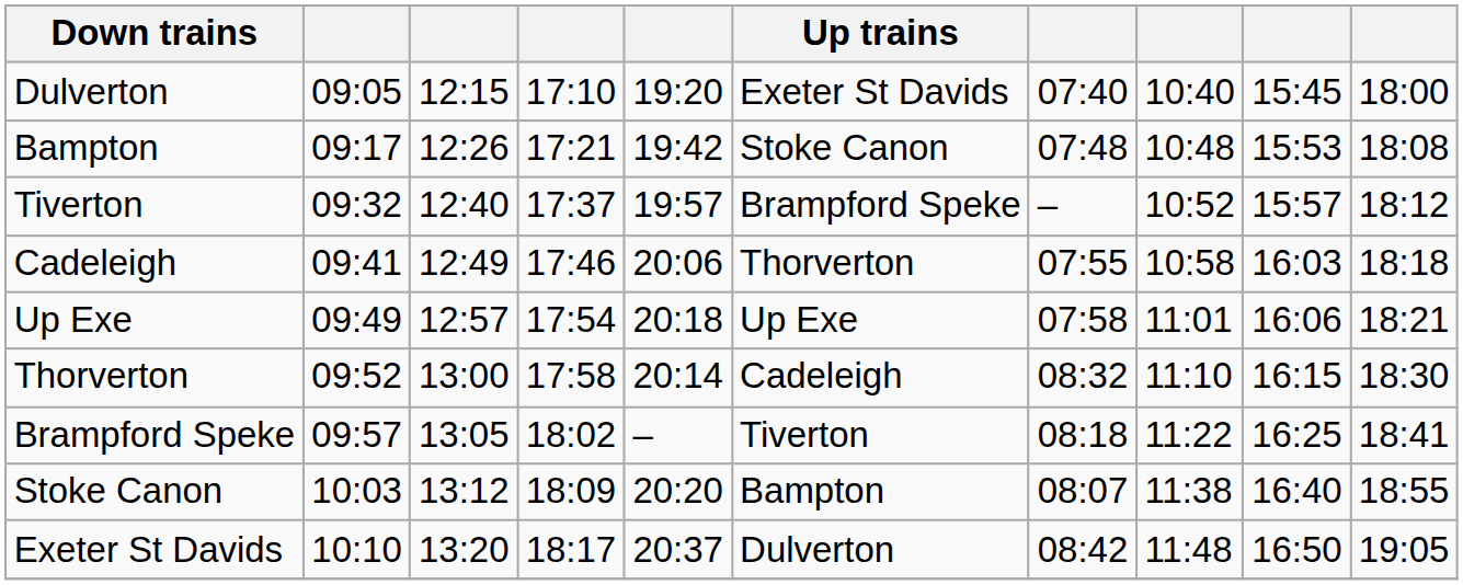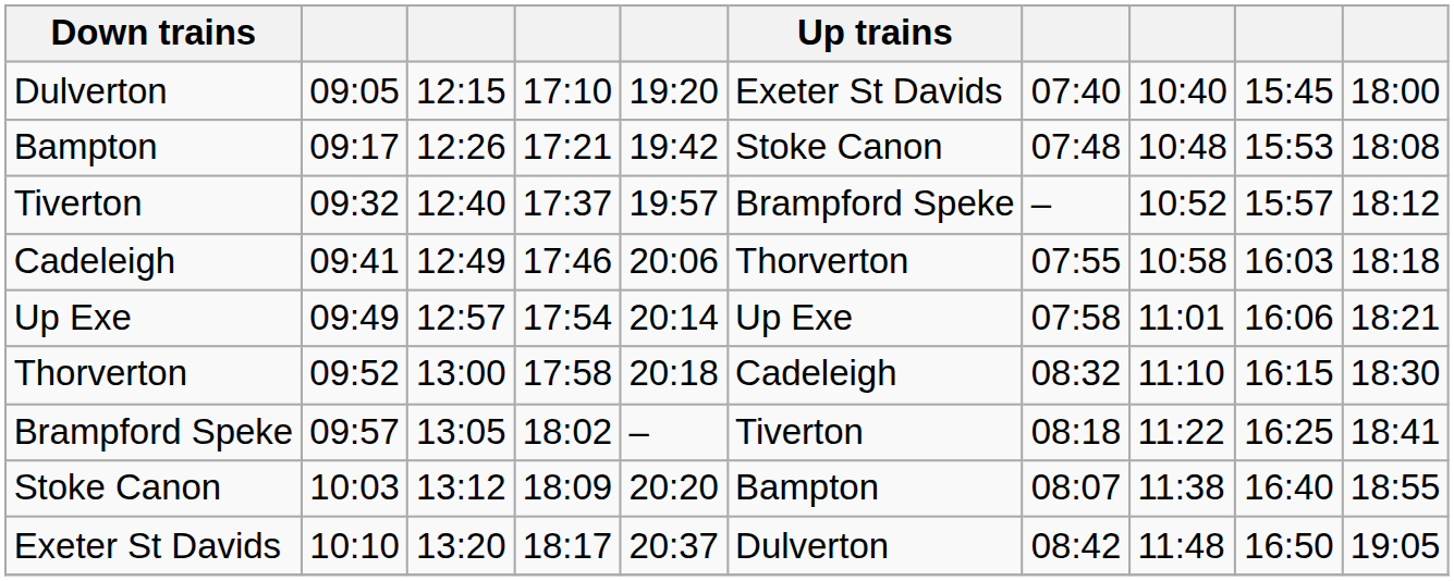 <table class="wikitable">
 <tr>
 <th>Down trains</th>
 <th></th>
 <th></th>
 <th></th>
 <th></th>
 <th>Up trains</th>
 <th></th>
 <th></th>
 <th></th>
 <th></th>
 </tr>
 <tr>
 <td>Dulverton</td>
 <td>09:05</td>
 <td>12:15</td>
 <td>17:10</td>
 <td>19:20</td>
 <td>Exeter St Davids</td>
 <td>07:40</td>
 <td>10:40</td>
 <td>15:45</td>
 <td>18:00</td>
 </tr>
 <tr>
 <td>Bampton</td>
 <td>09:17</td>
 <td>12:26</td>
 <td>17:21</td>
 <td>19:42</td>
 <td>Stoke Canon</td>
 <td>07:48</td>
 <td>10:48</td>
 <td>15:53</td>
 <td>18:08</td>
 </tr>
 <tr>
 <td>Tiverton</td>
 <td>09:32</td>
 <td>12:40</td>
 <td>17:37</td>
 <td>19:57</td>
 <td>Brampford Speke</td>
 <td>–</td>
 <td>10:52</td>
 <td>15:57</td>
 <td>18:12</td>
 </tr>
 <tr>
 <td>Cadeleigh</td>
 <td>09:41</td>
 <td>12:49</td>
 <td>17:46</td>
 <td>20:06</td>
 <td>Thorverton</td>
 <td>07:55</td>
 <td>10:58</td>
 <td>16:03</td>
 <td>18:18</td>
 </tr>
 <tr>
 <td>Up Exe</td>
 <td>09:49</td>
 <td>12:57</td>
 <td>17:54</td>
-<td>20:18</td>
+<td>20:14</td>
 <td>Up Exe</td>
 <td>07:58</td>
 <td>11:01</td>
 <td>16:06</td>
 <td>18:21</td>
 </tr>
 <tr>
 <td>Thorverton</td>
 <td>09:52</td>
 <td>13:00</td>
 <td>17:58</td>
-<td>20:14</td>
+<td>20:18</td>
 <td>Cadeleigh</td>
 <td>08:32</td>
 <td>11:10</td>
 <td>16:15</td>
 <td>18:30</td>
 </tr>
 <tr>
 <td>Brampford Speke</td>
 <td>09:57</td>
 <td>13:05</td>
 <td>18:02</td>
 <td>–</td>
 <td>Tiverton</td>
 <td>08:18</td>
 <td>11:22</td>
 <td>16:25</td>
 <td>18:41</td>
 </tr>
 <tr>
 <td>Stoke Canon</td>
 <td>10:03</td>
 <td>13:12</td>
 <td>18:09</td>
 <td>20:20</td>
 <td>Bampton</td>
 <td>08:07</td>
 <td>11:38</td>
 <td>16:40</td>
 <td>18:55</td>
 </tr>
 <tr>
 <td>Exeter St Davids</td>
 <td>10:10</td>
 <td>13:20</td>
 <td>18:17</td>
 <td>20:37</td>
 <td>Dulverton</td>
 <td>08:42</td>
 <td>11:48</td>
 <td>16:50</td>
 <td>19:05</td>
 </tr>
 <tr>
 </tr>
 </table>
